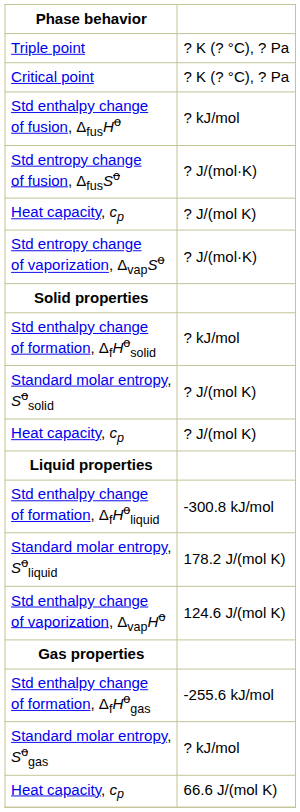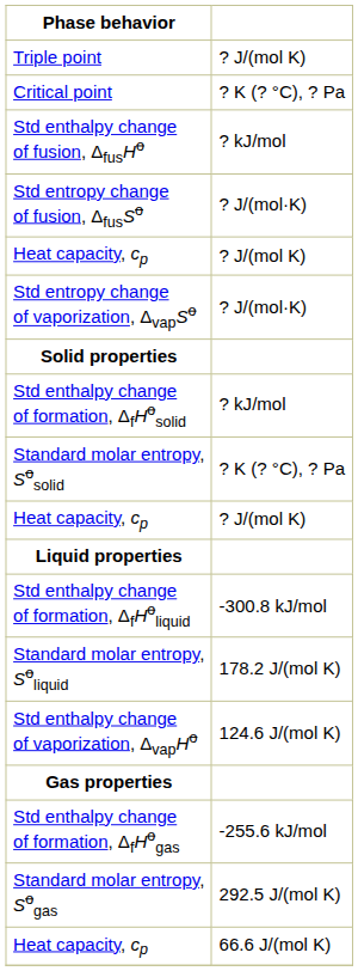 <table border="1" cellspacing="0" cellpadding="6" style="margin: 0 0 0 0.5em; background: #FFFFFF; border-collapse: collapse; border-color: #C0C090;">
 <tr>
 <th>Phase behavior</th>
 </tr>
 <tr>
 <td><a href='#'>Triple point</a></td>
-<td>? K (? °C), ? Pa</td>
+<td>? J/(mol K)</td>
 </tr>
 <tr>
 <td><a href='#'>Critical point</a></td>
 <td>? K (? °C), ? Pa</td>
 </tr>
 <tr>
 <td><a href='#'>Std enthalpy change<br>of fusion</a>, Δ<sub>fus</sub><em>H</em><sup><s>o</s></sup></td>
 <td>? kJ/mol</td>
 </tr>
 <tr>
 <td><a href='#'>Std entropy change<br>of fusion</a>, Δ<sub>fus</sub><em>S</em><sup><s>o</s></sup></td>
 <td>? J/(mol·K)</td>
 </tr>
 <tr>
 <td><a href='#'>Heat capacity</a>, <em>c<sub>p</sub></em></td>
 <td>? J/(mol K)</td>
 </tr>
 <tr>
 <td><a href='#'>Std entropy change<br>of vaporization</a>, Δ<sub>vap</sub><em>S</em><sup><s>o</s></sup></td>
 <td>? J/(mol·K)</td>
 </tr>
 <tr>
 <th>Solid properties</th>
 </tr>
 <tr>
 <td><a href='#'>Std enthalpy change<br>of formation</a>, Δ<sub>f</sub><em>H</em><sup><s>o</s></sup><sub>solid</sub></td>
 <td>? kJ/mol</td>
 </tr>
 <tr>
 <td><a href='#'>Standard molar entropy</a>,<br><em>S</em><sup><s>o</s></sup><sub>solid</sub></td>
-<td>? J/(mol K)</td>
+<td>? K (? °C), ? Pa</td>
 </tr>
 <tr>
 <td><a href='#'>Heat capacity</a>, <em>c<sub>p</sub></em></td>
 <td>? J/(mol K)</td>
 </tr>
 <tr>
 <th>Liquid properties</th>
 </tr>
 <tr>
 <td><a href='#'>Std enthalpy change<br>of formation</a>, Δ<sub>f</sub><em>H</em><sup><s>o</s></sup><sub>liquid</sub></td>
 <td>-300.8 kJ/mol</td>
 </tr>
 <tr>
 <td><a href='#'>Standard molar entropy</a>,<br><em>S</em><sup><s>o</s></sup><sub>liquid</sub></td>
 <td>178.2 J/(mol K)</td>
 </tr>
 <tr>
 <td><a href='#'>Std enthalpy change<br>of vaporization</a>, Δ<sub>vap</sub><em>H</em><sup><s>o</s></sup></td>
 <td>124.6 J/(mol K)</td>
 </tr>
 <tr>
 <th>Gas properties</th>
 </tr>
 <tr>
 <td><a href='#'>Std enthalpy change<br>of formation</a>, Δ<sub>f</sub><em>H</em><sup><s>o</s></sup><sub>gas</sub></td>
 <td>-255.6 kJ/mol</td>
 </tr>
 <tr>
 <td><a href='#'>Standard molar entropy</a>,<br><em>S</em><sup><s>o</s></sup><sub>gas</sub></td>
-<td>? kJ/mol</td>
+<td>292.5 J/(mol K)</td>
 </tr>
 <tr>
 <td><a href='#'>Heat capacity</a>, <em>c<sub>p</sub></em></td>
 <td>66.6 J/(mol K)</td>
 </tr>
 <tr>
 </tr>
 </table>
